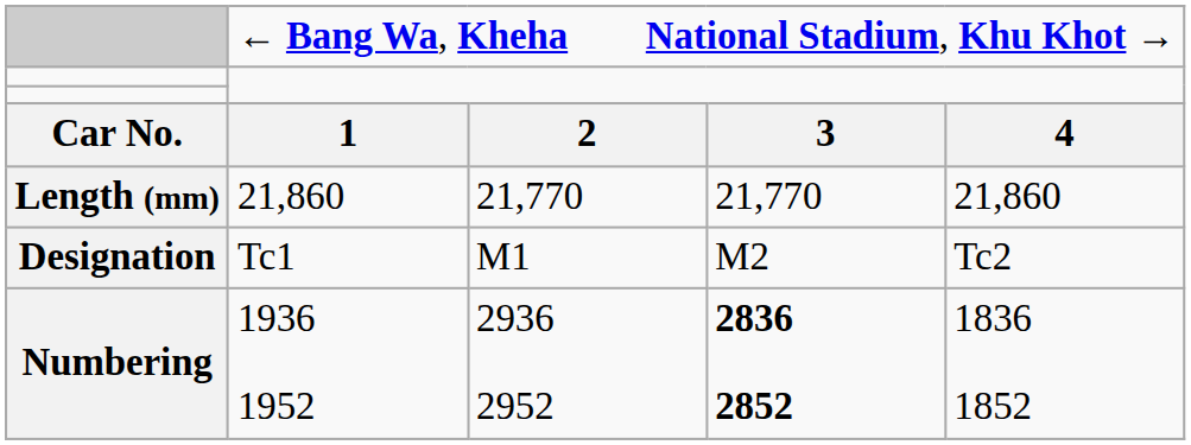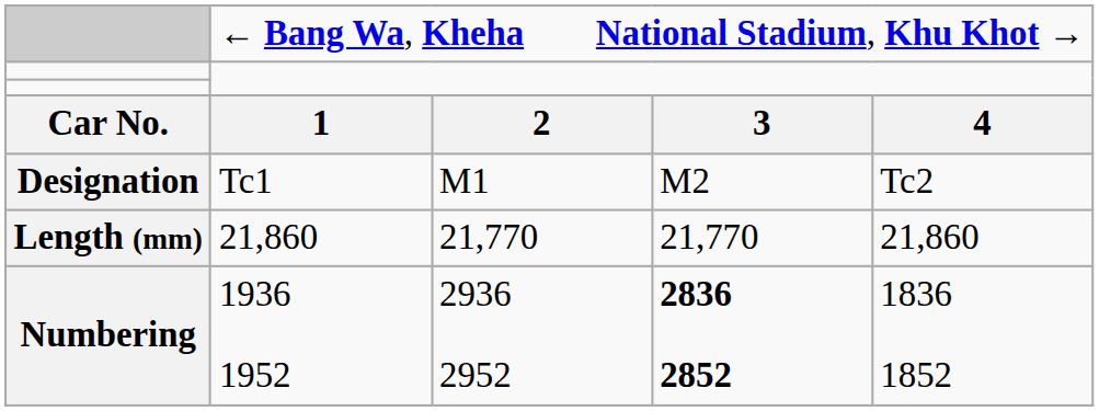 <table class="wikitable">
 <tr>
 <td style="background-color:#ccc;"> </td>
 <td colspan="4">← <a href='#'><strong>Bang Wa</strong></a>, <a href='#'><strong>Kheha</strong></a>                                                   <a href='#'><strong>National Stadium</strong></a>, <strong><a href='#'>Khu Khot</a></strong> →</td>
 </tr>
 <tr>
 <td style="background:#"></td>
 </tr>
 <tr>
 <td style="background:#"></td>
 </tr>
 <tr>
 <th>Car No.</th>
 <th>1</th>
 <th>2</th>
 <th>3</th>
 <th>4</th>
 </tr>
 <tr>
+<th>Designation</th>
+<td>Tc1</td>
+<td>M1</td>
+<td>M2</td>
+<td>Tc2</td>
+</tr>
+<tr>
 <th>Length <small>(mm)</small></th>
 <td>21,860</td>
 <td>21,770</td>
 <td>21,770</td>
 <td>21,860</td>
-</tr>
-<tr>
-<th>Designation</th>
-<td>Tc1</td>
-<td>M1</td>
-<td>M2</td>
-<td>Tc2</td>
 </tr>
 <tr>
 <th>Numbering</th>
 <td>1936<br><br>1952</td>
 <td>2936<br><br>2952</td>
 <td><strong>2836<br><br>2852</strong></td>
 <td>1836<br><br>1852</td>
 </tr>
 </table>
